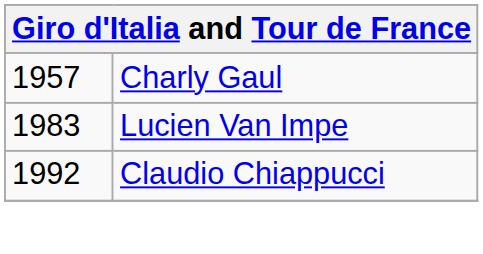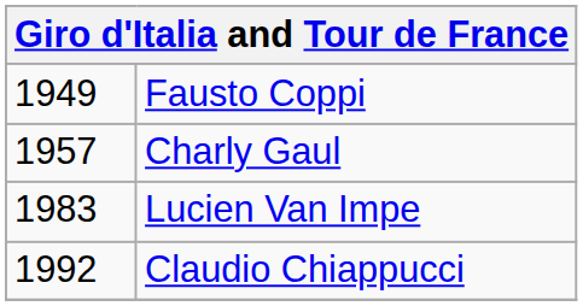 <table class="wikitable">
 <tr>
 <th colspan=2><a href='#'>Giro d'Italia</a> and <a href='#'>Tour de France</a></th>
+</tr>
+<tr>
+<td>1949</td>
+<td> <a href='#'>Fausto Coppi</a></td>
 </tr>
 <tr>
 <td>1957</td>
 <td> <a href='#'>Charly Gaul</a></td>
 </tr>
 <tr>
 <td>1983</td>
 <td> <a href='#'>Lucien Van Impe</a></td>
 </tr>
 <tr>
 <td>1992</td>
 <td> <a href='#'>Claudio Chiappucci</a></td>
 </tr>
 <tr>
 </tr>
 </table>
